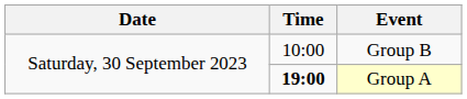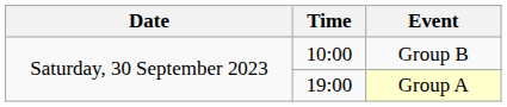 <table class="wikitable" style="text-align:center;">
 <tr>
 <th width=220>Date</th>
 <th width=50>Time</th>
 <th width=100>Event</th>
 </tr>
 <tr>
 <td rowspan=2>Saturday, 30 September 2023</td>
 <td>10:00</td>
 <td>Group B</td>
 </tr>
 <tr>
-<td><strong>19:00</strong></td>
+<td>19:00</td>
 <td bgcolor="ffffcc">Group A</td>
 </tr>
 </table>
